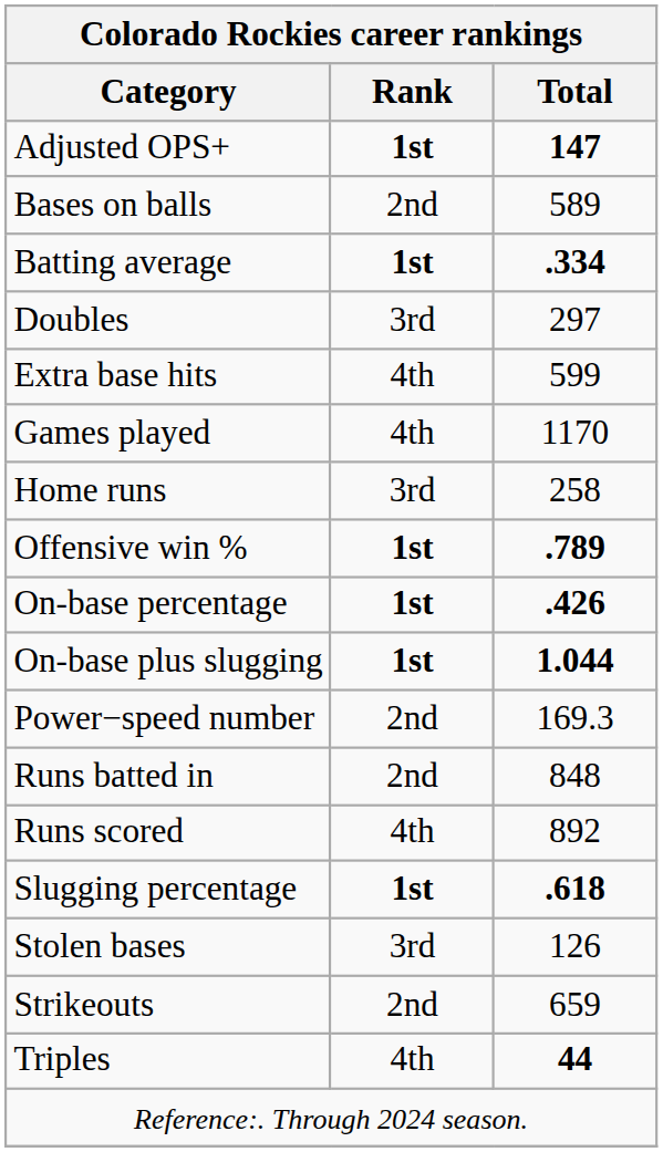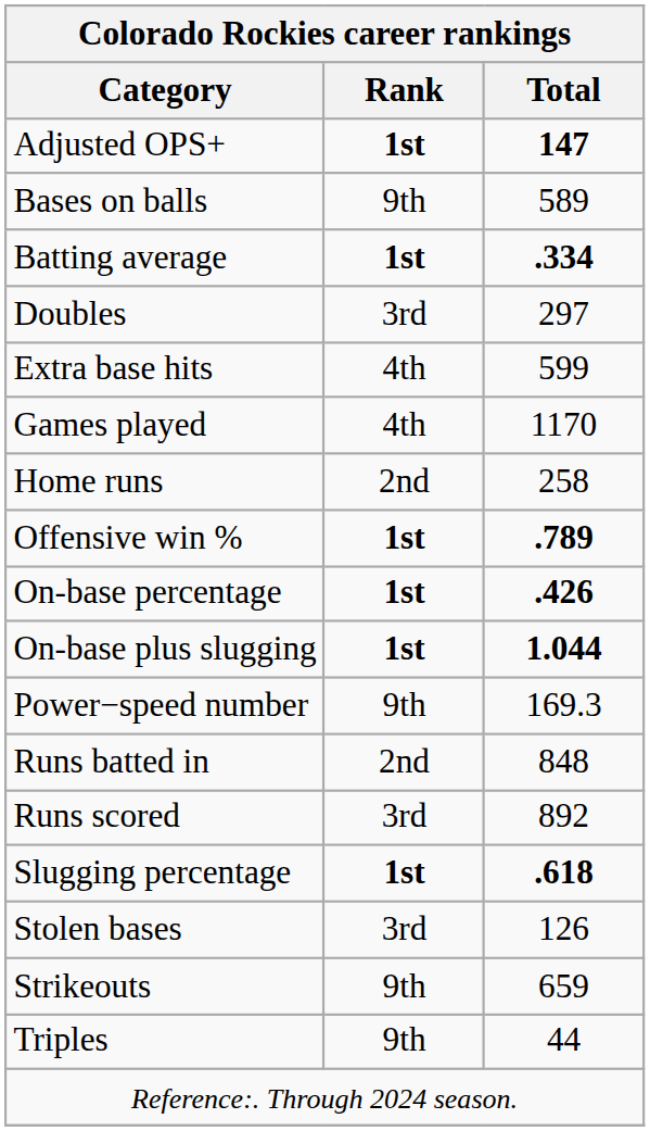 <table class="wikitable" style=font-size:90%>
 <tr>
 <th colspan=3;>Colorado Rockies career rankings</th>
 </tr>
 <tr>
 <th scope="col" width=50%;>Category</th>
 <th scope="col" width=25%;>Rank</th>
 <th scope="col" width=25%;>Total</th>
 </tr>
 <tr>
 <td>Adjusted OPS+</td>
 <td align="center"><strong>1st</strong></td>
 <td align="center"><strong>147</strong></td>
 </tr>
 <tr>
 <td>Bases on balls</td>
-<td align="center">2nd</td>
+<td align="center">9th</td>
 <td align="center">589</td>
 </tr>
 <tr>
 <td>Batting average</td>
 <td align="center"><strong>1st</strong></td>
 <td align="center"><strong>.334</strong></td>
 </tr>
 <tr>
 <td>Doubles</td>
 <td align="center">3rd</td>
 <td align="center">297</td>
 </tr>
 <tr>
 <td>Extra base hits</td>
 <td align="center">4th</td>
 <td align="center">599</td>
 </tr>
 <tr>
 <td>Games played</td>
 <td align="center">4th</td>
 <td align="center">1170</td>
 </tr>
 <tr>
 <td>Home runs</td>
-<td align="center">3rd</td>
+<td align="center">2nd</td>
 <td align="center">258</td>
 </tr>
 <tr>
 <td>Offensive win %</td>
 <td align="center"><strong>1st</strong></td>
 <td align="center"><strong>.789</strong></td>
 </tr>
 <tr>
 <td>On-base percentage</td>
 <td align="center"><strong>1st</strong></td>
 <td align="center"><strong>.426</strong></td>
 </tr>
 <tr>
 <td>On-base plus slugging</td>
 <td align="center"><strong>1st</strong></td>
 <td align="center"><strong>1.044</strong></td>
 </tr>
 <tr>
 <td>Power−speed number</td>
-<td align="center">2nd</td>
+<td align="center">9th</td>
 <td align="center">169.3</td>
 </tr>
 <tr>
 <td>Runs batted in</td>
 <td align="center">2nd</td>
 <td align="center">848</td>
 </tr>
 <tr>
 <td>Runs scored</td>
-<td align="center">4th</td>
+<td align="center">3rd</td>
 <td align="center">892</td>
 </tr>
 <tr>
 <td>Slugging percentage</td>
 <td align="center"><strong>1st</strong></td>
 <td align="center"><strong>.618</strong></td>
 </tr>
 <tr>
 <td>Stolen bases</td>
 <td align="center">3rd</td>
 <td align="center">126</td>
 </tr>
 <tr>
 <td>Strikeouts</td>
-<td align="center">2nd</td>
+<td align="center">9th</td>
 <td align="center">659</td>
 </tr>
 <tr>
 <td>Triples</td>
-<td align="center">4th</td>
-<td align="center"><strong>44</strong></td>
+<td align="center">9th</td>
+<td align="center">44</td>
 </tr>
 <tr>
 <td colspan=3; align="center"><small><em>Reference:.  Through 2024 season.</em></small></td>
 </tr>
 <tr>
 </tr>
 </table>
